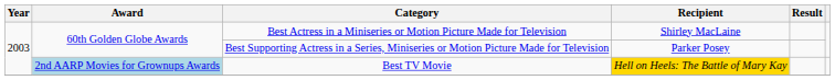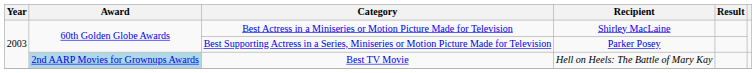 <table class="wikitable plainrowheaders" style="text-align:center;">
 <tr>
 <th scope="col">Year</th>
 <th scope="col">Award</th>
 <th scope="col">Category</th>
 <th scope="col">Recipient</th>
 <th scope="col">Result</th>
 <th scope="col"></th>
 </tr>
 <tr>
 <td rowspan="3">2003</td>
 <td rowspan="2"><a href='#'>60th Golden Globe Awards</a></td>
 <td><a href='#'>Best Actress in a Miniseries or Motion Picture Made for Television</a></td>
 <td><a href='#'>Shirley MacLaine</a></td>
 <td></td>
 <td rowspan="2"></td>
 </tr>
 <tr>
 <td><a href='#'>Best Supporting Actress in a Series, Miniseries or Motion Picture Made for Television</a></td>
 <td><a href='#'>Parker Posey</a></td>
 <td></td>
 </tr>
 <tr>
 <td style="background: lightblue;"><a href='#'>2nd AARP Movies for Grownups Awards</a></td>
 <td><a href='#'>Best TV Movie</a></td>
-<td style="background: gold;"><em>Hell on Heels: The Battle of Mary Kay</em></td>
+<td><em>Hell on Heels: The Battle of Mary Kay</em></td>
 <td></td>
 <td></td>
 </tr>
 <tr>
 </tr>
 </table>
